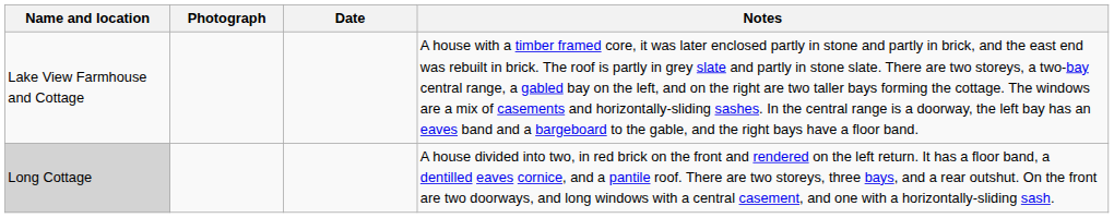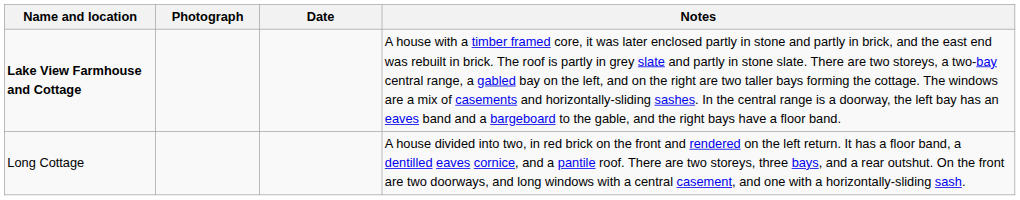 <table class="wikitable sortable plainrowheaders" style="width:100%;border:0px;text-align:left;line-height:150%;">
 <tr>
 <th scope="col"  style="width:150px">Name and location</th>
 <th scope="col"  style="width:100px" class="unsortable">Photograph</th>
 <th scope="col"  style="width:120px">Date</th>
 <th scope="col"  style="width:650px" class="unsortable">Notes</th>
 </tr>
 <tr>
-<td>Lake View Farmhouse and Cottage<br><small></small></td>
+<td><strong>Lake View Farmhouse and Cottage<br><small></small></strong></td>
 <td></td>
 <td align="center"></td>
 <td>A house with a <a href='#'>timber framed</a> core, it was later enclosed partly in stone and partly in brick, and the east end was rebuilt in brick.  The roof is partly in grey <a href='#'>slate</a> and partly in stone slate.  There are two storeys, a two-<a href='#'>bay</a> central range, a <a href='#'>gabled</a> bay on the left, and on the right are two taller bays forming the cottage.  The windows are a mix of <a href='#'>casements</a> and horizontally-sliding <a href='#'>sashes</a>.  In the central range is a doorway, the left bay has an <a href='#'>eaves</a> band and a <a href='#'>bargeboard</a> to the gable, and the right bays have a floor band.</td>
 </tr>
 <tr>
-<td style="background: lightgrey;">Long Cottage<br><small></small></td>
+<td>Long Cottage<br><small></small></td>
 <td></td>
 <td align="center"></td>
 <td>A house divided into two, in red brick on the front and <a href='#'>rendered</a> on the left return. It has a floor band, a <a href='#'>dentilled</a> <a href='#'>eaves</a> <a href='#'>cornice</a>, and a <a href='#'>pantile</a> roof.  There are two storeys, three <a href='#'>bays</a>, and a rear outshut.  On the front are two doorways, and long windows with a central <a href='#'>casement</a>, and one with a horizontally-sliding <a href='#'>sash</a>.</td>
 </tr>
 <tr>
 </tr>
 </table>
